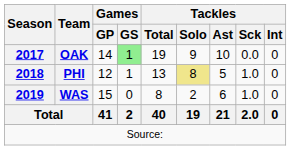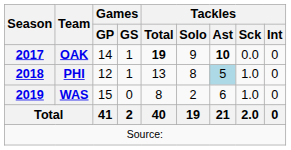 <table class=wikitable style="text-align:center;">
 <tr>
 <th rowspan=2>Season</th>
 <th rowspan=2>Team</th>
 <th colspan=2>Games</th>
 <th colspan=5>Tackles</th>
 </tr>
 <tr>
 <th>GP</th>
 <th>GS</th>
 <th>Total</th>
 <th>Solo</th>
 <th>Ast</th>
 <th>Sck</th>
 <th>Int</th>
 </tr>
 <tr>
 <th><a href='#'>2017</a></th>
 <th><a href='#'>OAK</a></th>
 <td>14</td>
-<td style="background: lightgreen;">1</td>
-<td>19</td>
+<td>1</td>
+<td><strong>19</strong></td>
 <td>9</td>
-<td>10</td>
+<td><strong>10</strong></td>
 <td>0.0</td>
 <td>0</td>
 </tr>
 <tr>
 <th><a href='#'>2018</a></th>
 <th><a href='#'>PHI</a></th>
 <td>12</td>
 <td>1</td>
 <td>13</td>
-<td style="background: khaki;">8</td>
-<td>5</td>
+<td>8</td>
+<td style="background: lightblue;">5</td>
 <td>1.0</td>
 <td>0</td>
 </tr>
 <tr>
 <th><a href='#'>2019</a></th>
 <th><a href='#'>WAS</a></th>
 <td>15</td>
 <td>0</td>
 <td>8</td>
 <td>2</td>
 <td>6</td>
 <td>1.0</td>
 <td>0</td>
 </tr>
 <tr>
 <th colspan=2>Total</th>
 <th>41</th>
 <th>2</th>
 <th>40</th>
 <th>19</th>
 <th>21</th>
 <th>2.0</th>
 <th>0</th>
 </tr>
 <tr>
 <td colspan=9><small>Source: </small></td>
 </tr>
 </table>
